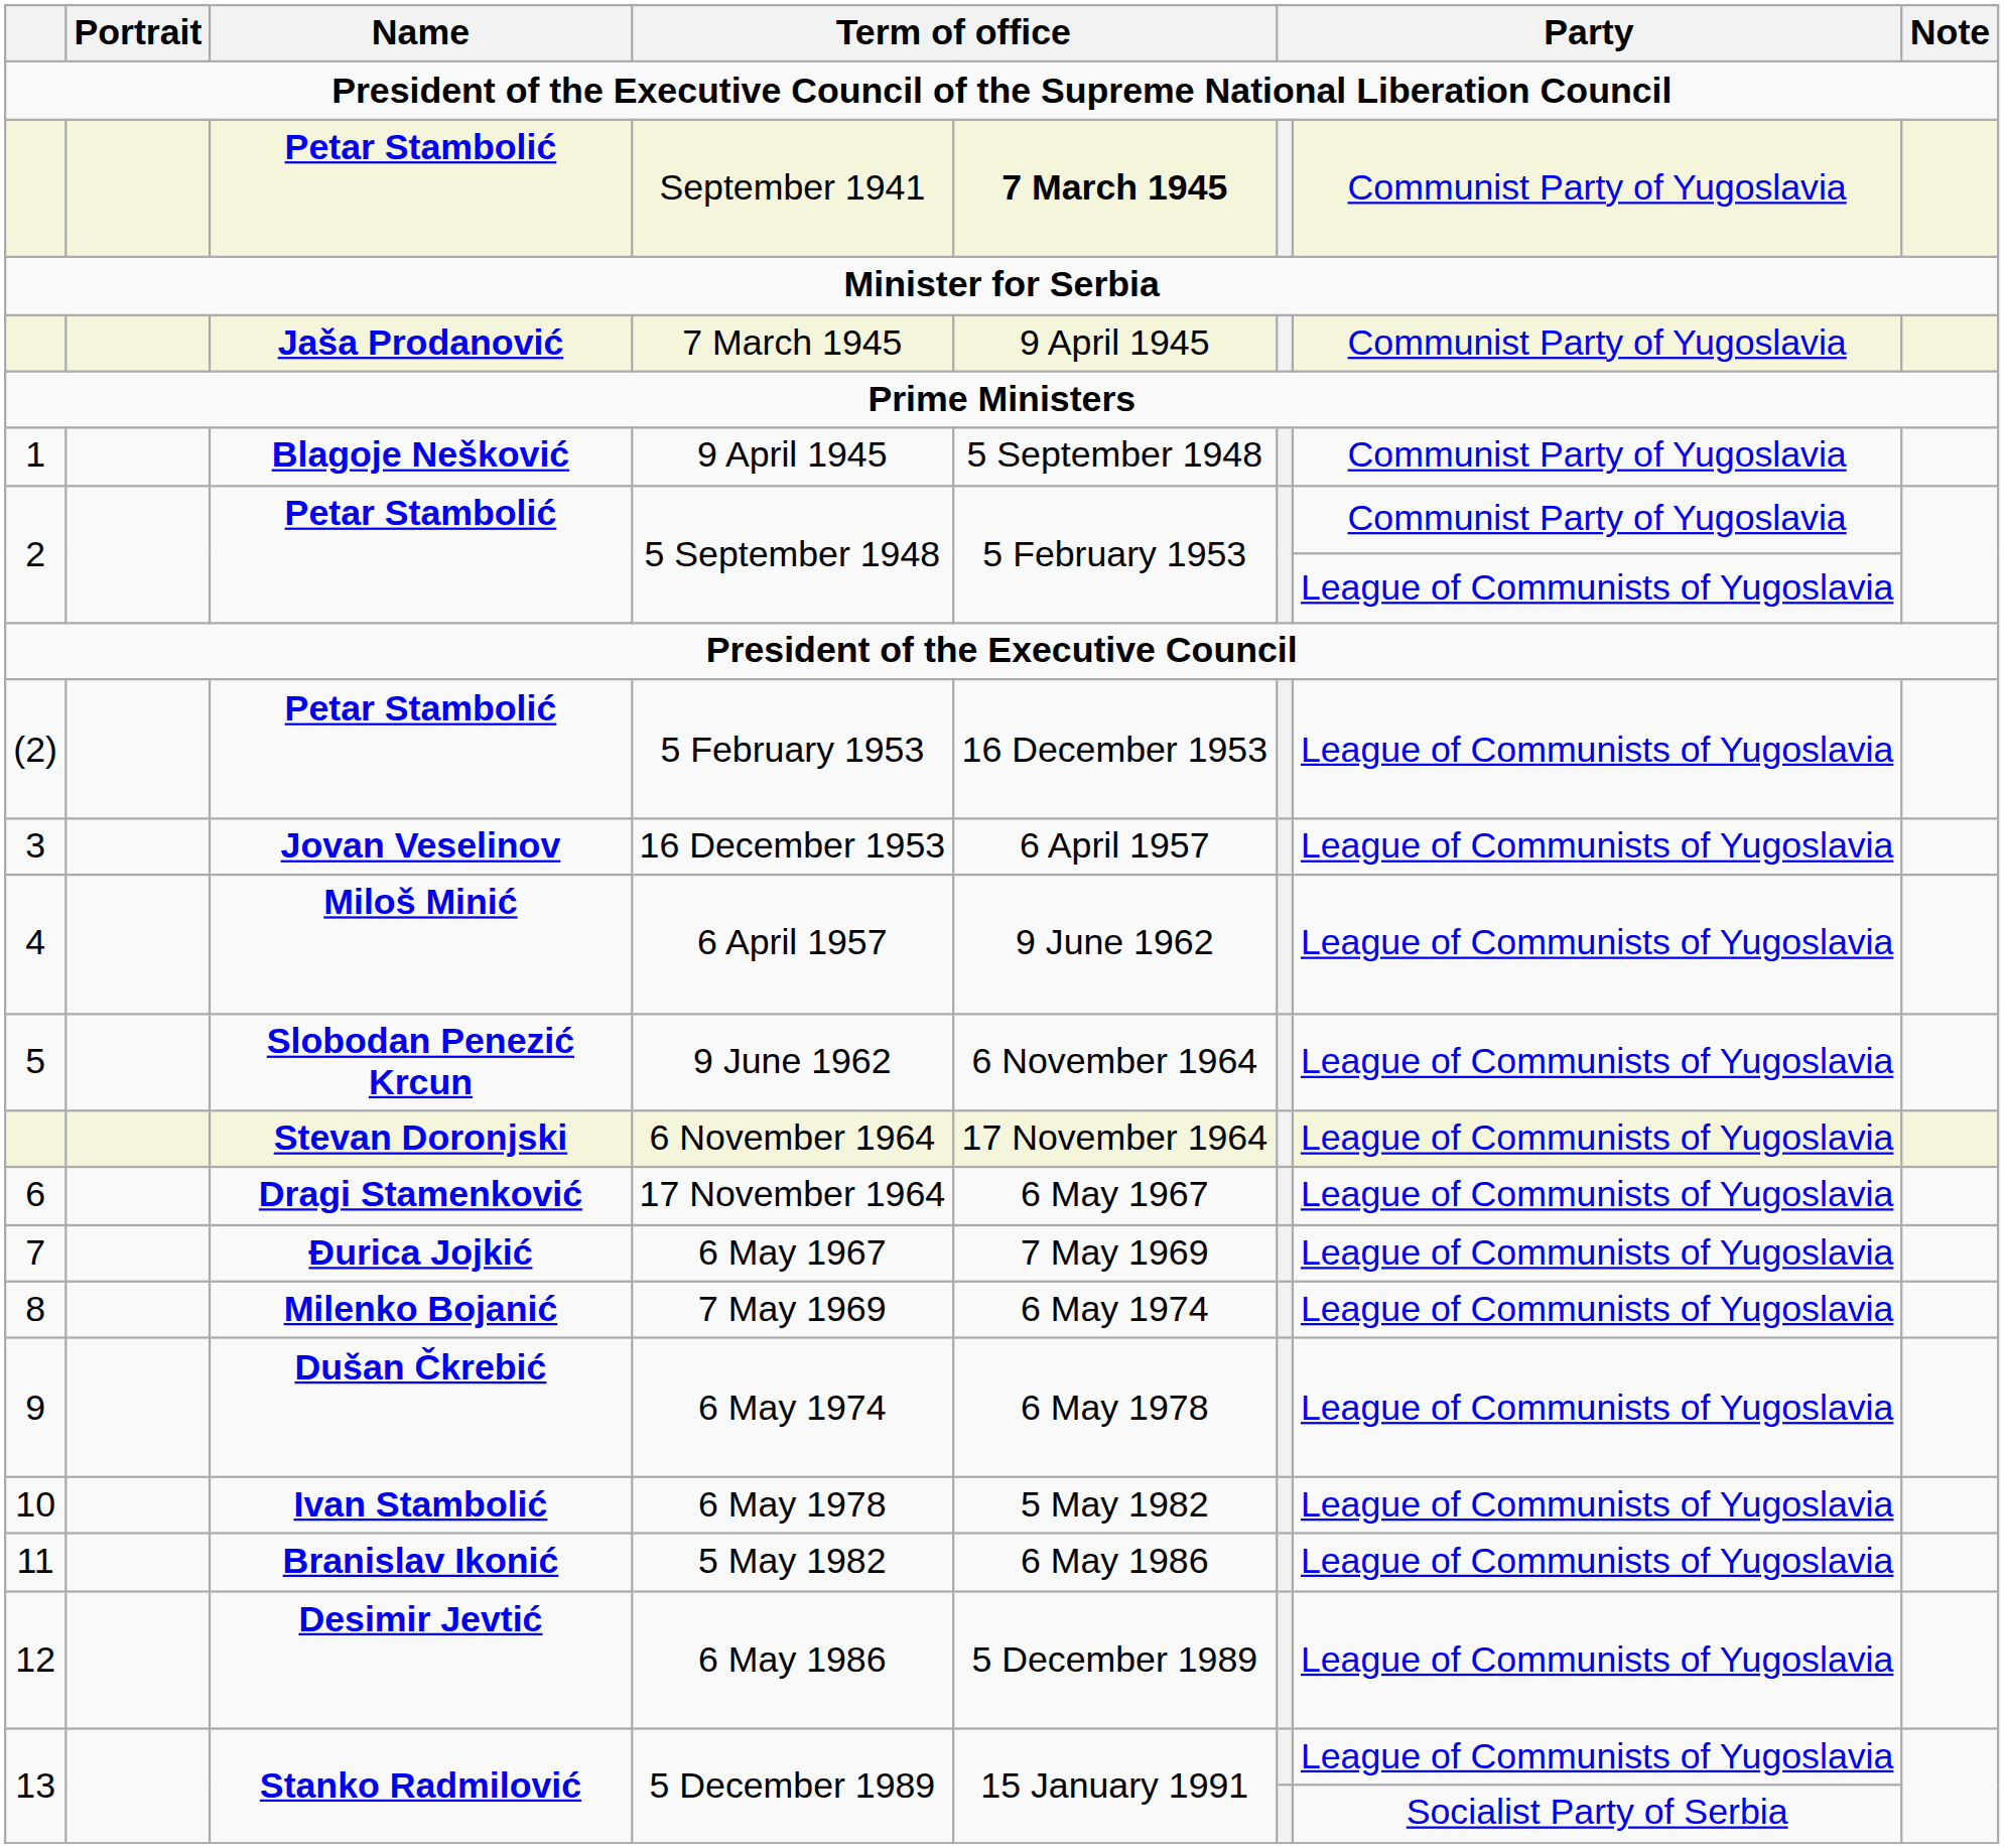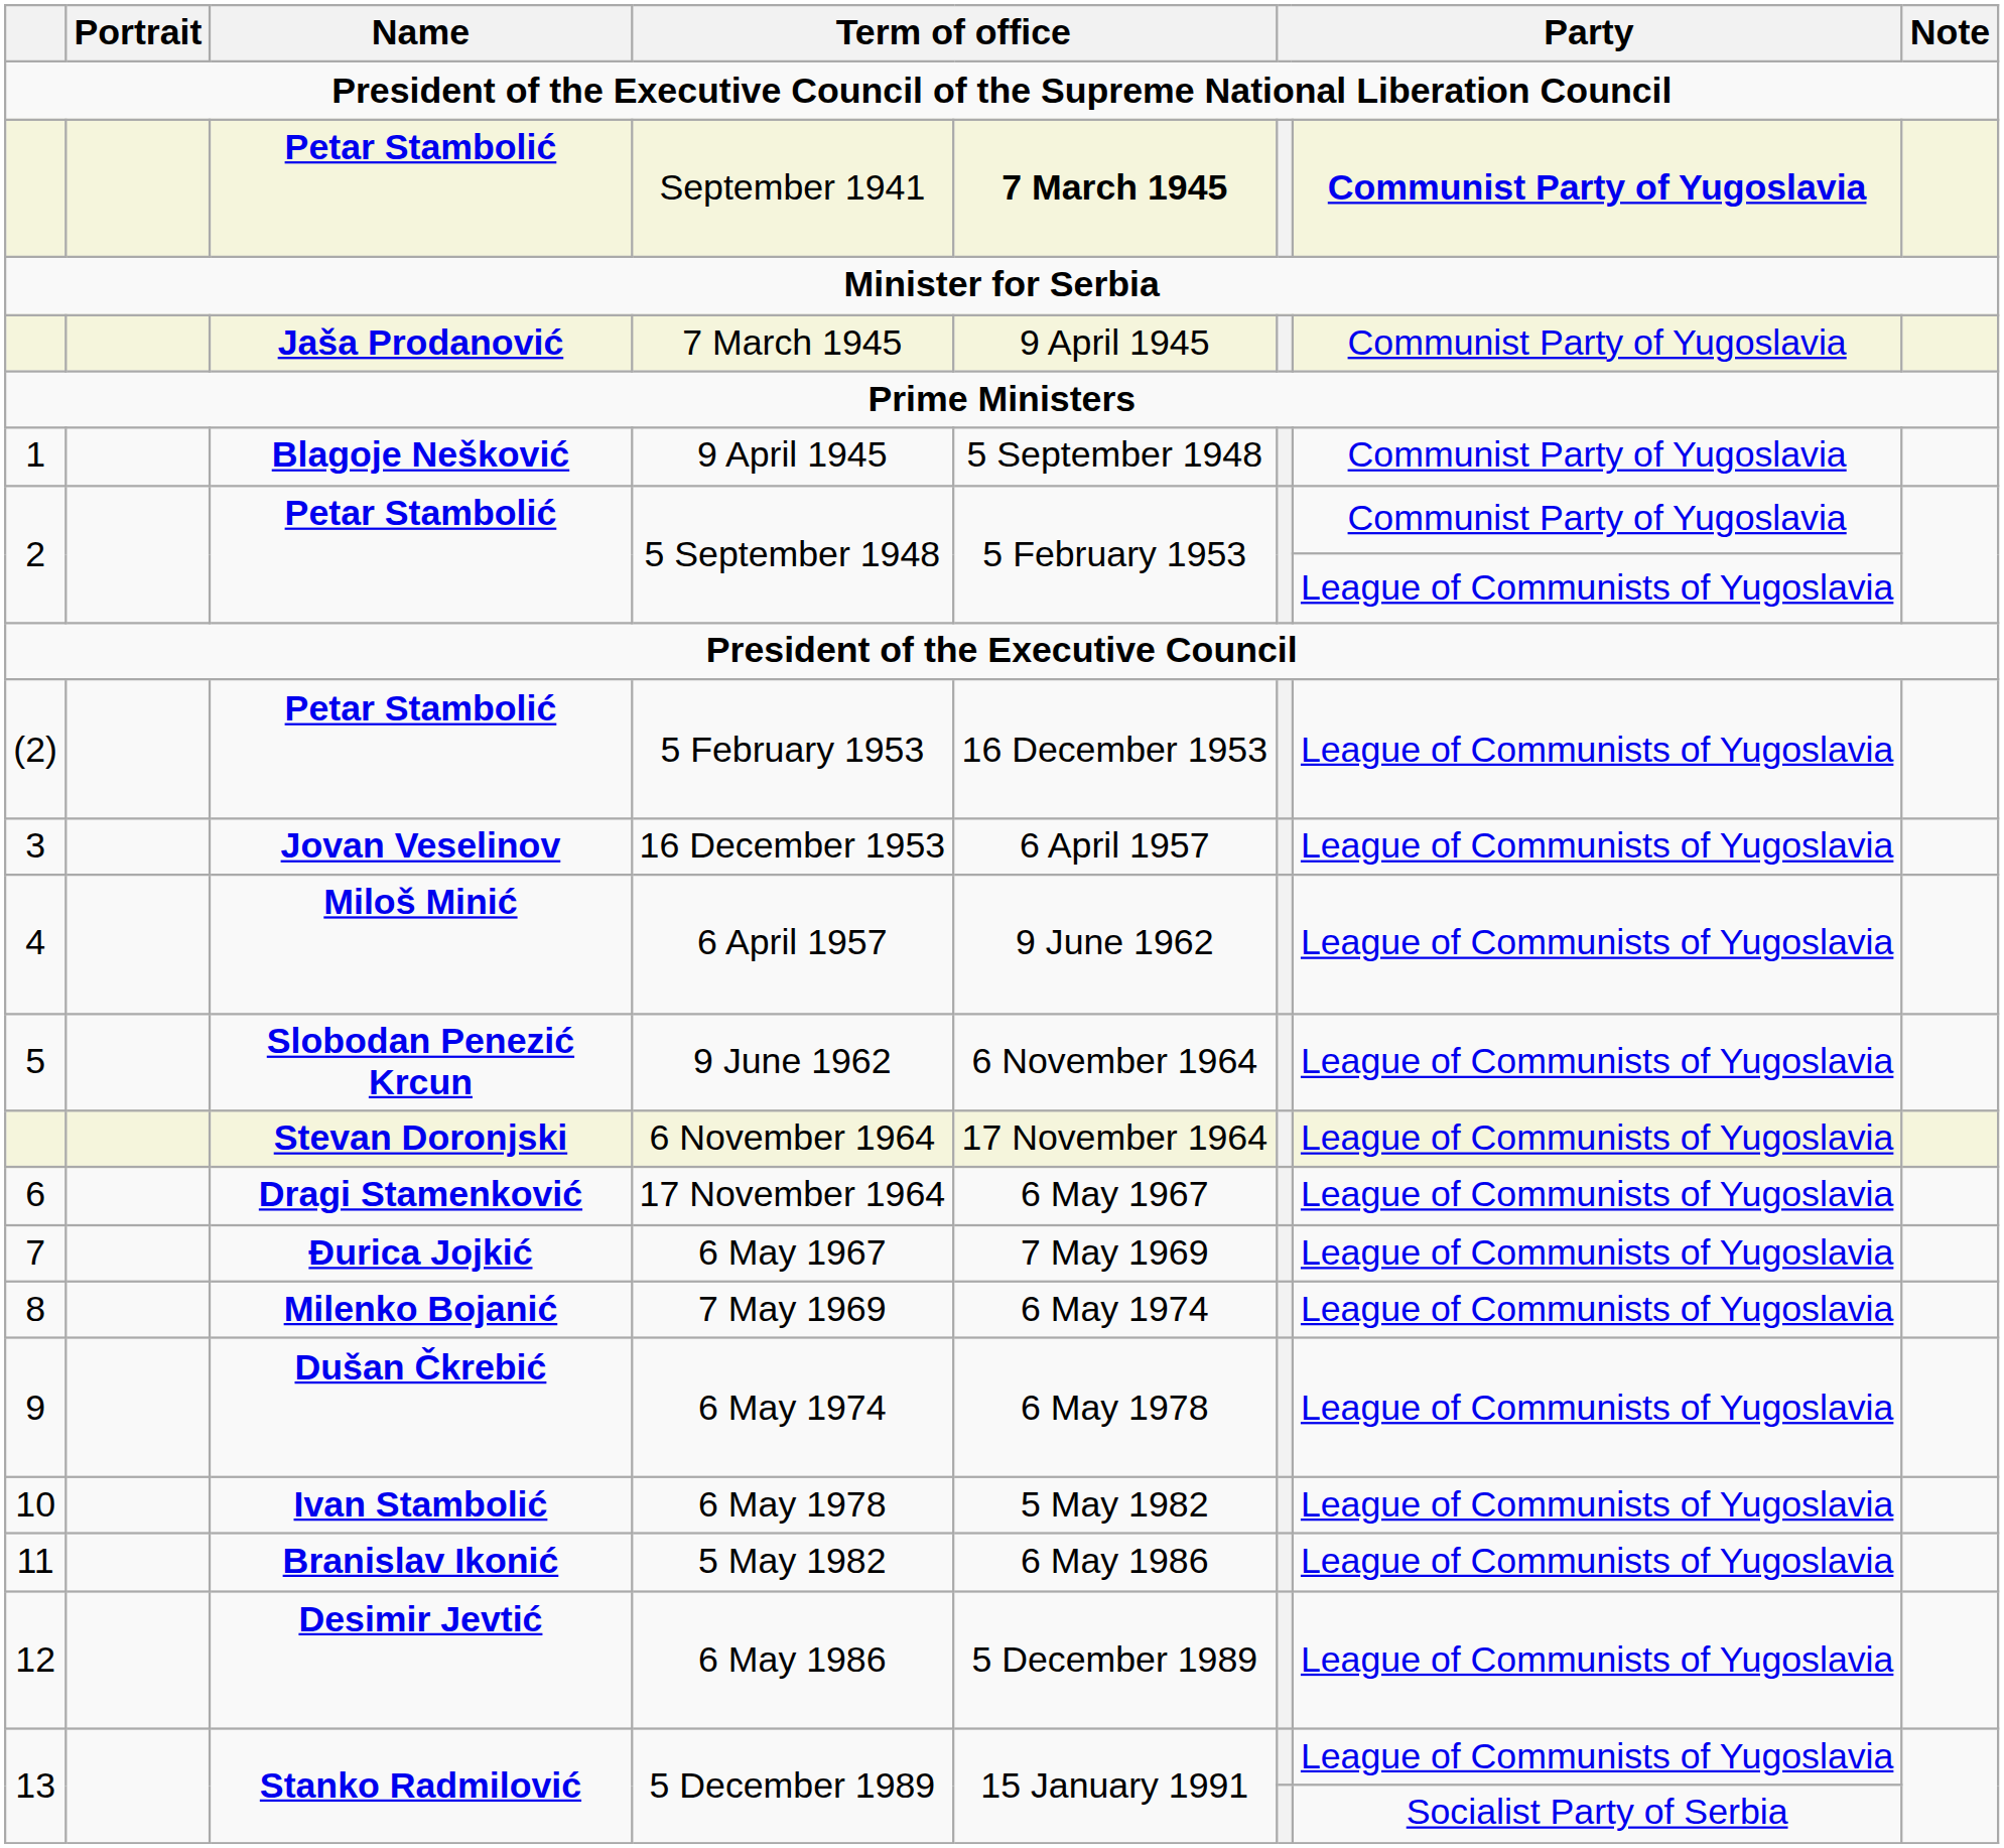 <table class="wikitable" style="text-align:center;">
 <tr>
 <th></th>
 <th>Portrait</th>
 <th width="180px">Name<br></th>
 <th colspan="2">Term of office</th>
 <th colspan="2">Party</th>
 <th>Note</th>
 </tr>
 <tr>
 <td colspan="8"><strong>President of the Executive Council of the Supreme National Liberation Council</strong><br></td>
 </tr>
 <tr style="background:#F5F5DC;">
 <td style=color:#ccc></td>
 <td></td>
 <td><strong><a href='#'>Petar Stambolić</a></strong><br><br><br></td>
 <td>September 1941</td>
 <td><strong>7 March 1945</strong></td>
 <th style="background: "></th>
-<td><a href='#'>Communist Party of Yugoslavia</a></td>
+<td><strong><a href='#'>Communist Party of Yugoslavia</a></strong></td>
 <td></td>
 </tr>
 <tr>
 <td colspan="8"><strong>Minister for Serbia</strong><br></td>
 </tr>
 <tr style="background:#F5F5DC;">
 <td style=color:#ccc></td>
 <td></td>
 <td><strong><a href='#'>Jaša Prodanović</a><br></strong></td>
 <td>7 March 1945</td>
 <td>9 April 1945</td>
 <th style="background: "></th>
 <td><a href='#'>Communist Party of Yugoslavia</a></td>
 <td></td>
 </tr>
 <tr>
 <td colspan="8"><strong>Prime Ministers</strong><br></td>
 </tr>
 <tr>
 <td>1<br></td>
 <td></td>
 <td><strong><a href='#'>Blagoje Nešković</a></strong><br></td>
 <td>9 April 1945</td>
 <td>5 September 1948</td>
 <th style="background: "></th>
 <td><a href='#'>Communist Party of Yugoslavia</a></td>
 <td></td>
 </tr>
 <tr>
 <td rowspan="2">2<br></td>
 <td rowspan="2"></td>
 <td rowspan="2"><strong><a href='#'>Petar Stambolić</a></strong><br><br><br></td>
 <td rowspan="2">5 September 1948</td>
 <td rowspan="2">5 February 1953</td>
 <th rowspan="2" style="background: "></th>
 <td><a href='#'>Communist Party of Yugoslavia</a><br></td>
 <td rowspan="2"></td>
 </tr>
 <tr>
 <td><a href='#'>League of Communists of Yugoslavia</a></td>
 </tr>
 <tr>
 <td colspan="8"><strong>President of the Executive Council</strong><br></td>
 </tr>
 <tr>
 <td>(2)<br></td>
 <td></td>
 <td><strong><a href='#'>Petar Stambolić</a></strong><br><br><br></td>
 <td>5 February 1953</td>
 <td>16 December 1953</td>
 <th style="background: "></th>
 <td><a href='#'>League of Communists of Yugoslavia</a></td>
 <td></td>
 </tr>
 <tr>
 <td>3<br></td>
 <td></td>
 <td><strong><a href='#'>Jovan Veselinov</a></strong><br></td>
 <td>16 December 1953</td>
 <td>6 April 1957</td>
 <th style="background: "></th>
 <td><a href='#'>League of Communists of Yugoslavia</a></td>
 <td></td>
 </tr>
 <tr>
 <td>4<br></td>
 <td></td>
 <td><strong><a href='#'>Miloš Minić</a></strong><br><br><br></td>
 <td>6 April 1957</td>
 <td>9 June 1962</td>
 <th style="background: "></th>
 <td><a href='#'>League of Communists of Yugoslavia</a></td>
 <td></td>
 </tr>
 <tr>
 <td>5<br></td>
 <td></td>
 <td><a href='#'><strong>Slobodan Penezić Krcun</strong></a><br></td>
 <td>9 June 1962</td>
 <td>6 November 1964</td>
 <th style="background: "></th>
 <td><a href='#'>League of Communists of Yugoslavia</a></td>
 <td></td>
 </tr>
 <tr style="background:#F5F5DC;">
 <td style=color:#ccc></td>
 <td></td>
 <td><strong><a href='#'>Stevan Doronjski</a></strong><br></td>
 <td>6 November 1964</td>
 <td>17 November 1964</td>
 <th style="background: "></th>
 <td><a href='#'>League of Communists of Yugoslavia</a></td>
 <td></td>
 </tr>
 <tr>
 <td>6<br></td>
 <td></td>
 <td><strong><a href='#'>Dragi Stamenković</a></strong><br></td>
 <td>17 November 1964</td>
 <td>6 May 1967</td>
 <th style="background: "></th>
 <td><a href='#'>League of Communists of Yugoslavia</a></td>
 <td></td>
 </tr>
 <tr>
 <td>7<br></td>
 <td></td>
 <td><strong><a href='#'>Đurica Jojkić</a></strong><br></td>
 <td>6 May 1967</td>
 <td>7 May 1969</td>
 <th style="background: "></th>
 <td><a href='#'>League of Communists of Yugoslavia</a></td>
 <td></td>
 </tr>
 <tr>
 <td>8<br></td>
 <td></td>
 <td><strong><a href='#'>Milenko Bojanić</a></strong><br></td>
 <td>7 May 1969</td>
 <td>6 May 1974</td>
 <th style="background: "></th>
 <td><a href='#'>League of Communists of Yugoslavia</a></td>
 <td></td>
 </tr>
 <tr>
 <td>9<br></td>
 <td></td>
 <td><strong><a href='#'>Dušan Čkrebić</a></strong><br><br><br></td>
 <td>6 May 1974</td>
 <td>6 May 1978</td>
 <th style="background: "></th>
 <td><a href='#'>League of Communists of Yugoslavia</a></td>
 <td></td>
 </tr>
 <tr>
 <td>10<br></td>
 <td></td>
 <td><strong><a href='#'>Ivan Stambolić</a></strong><br></td>
 <td>6 May 1978</td>
 <td>5 May 1982</td>
 <th style="background: "></th>
 <td><a href='#'>League of Communists of Yugoslavia</a></td>
 <td></td>
 </tr>
 <tr>
 <td>11<br></td>
 <td></td>
 <td><strong><a href='#'>Branislav Ikonić</a></strong><br></td>
 <td>5 May 1982</td>
 <td>6 May 1986</td>
 <th style="background: "></th>
 <td><a href='#'>League of Communists of Yugoslavia</a></td>
 <td></td>
 </tr>
 <tr>
 <td>12<br></td>
 <td></td>
 <td><strong><a href='#'>Desimir Jevtić</a></strong><br><br><br></td>
 <td>6 May 1986</td>
 <td>5 December 1989</td>
 <th style="background: "></th>
 <td><a href='#'>League of Communists of Yugoslavia</a></td>
 <td></td>
 </tr>
 <tr>
 <td rowspan="2">13<br></td>
 <td rowspan="2"></td>
 <td rowspan="2"><strong><a href='#'>Stanko Radmilović</a></strong><br></td>
 <td rowspan="2">5 December 1989</td>
 <td rowspan="2">15 January 1991</td>
 <th style="background: "></th>
 <td><a href='#'>League of Communists of Yugoslavia</a><br></td>
 <td rowspan="2"></td>
 </tr>
 <tr>
 <th style="background: "></th>
 <td><a href='#'>Socialist Party of Serbia</a></td>
 </tr>
 </table>
